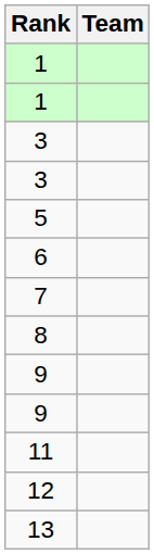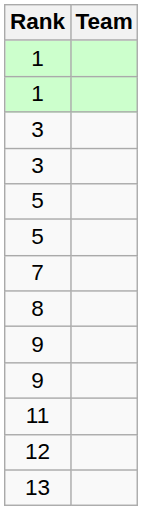 <table class=wikitable style="text-align: center;">
 <tr>
 <th>Rank</th>
 <th>Team</th>
 </tr>
 <tr style="background: #CCFFCC;">
 <td>1</td>
 <td style="text-align: left;"><strong></strong></td>
 </tr>
 <tr style="background: #CCFFCC;">
 <td>1</td>
 <td style="text-align: left;"><strong></strong></td>
 </tr>
 <tr>
 <td>3</td>
 <td style="text-align: left;"></td>
 </tr>
 <tr>
 <td>3</td>
 <td style="text-align: left;"></td>
 </tr>
 <tr>
 <td>5</td>
 <td style="text-align: left;"></td>
 </tr>
 <tr>
-<td>6</td>
+<td>5</td>
 <td style="text-align: left;"></td>
 </tr>
 <tr>
 <td>7</td>
 <td style="text-align: left;"></td>
 </tr>
 <tr>
 <td>8</td>
 <td style="text-align: left;"></td>
 </tr>
 <tr>
 <td>9</td>
 <td style="text-align: left;"></td>
 </tr>
 <tr>
 <td>9</td>
 <td style="text-align: left;"></td>
 </tr>
 <tr>
 <td>11</td>
 <td style="text-align: left;"></td>
 </tr>
 <tr>
 <td>12</td>
 <td style="text-align: left;"></td>
 </tr>
 <tr>
 <td>13</td>
 <td style="text-align: left;"></td>
 </tr>
 </table>
